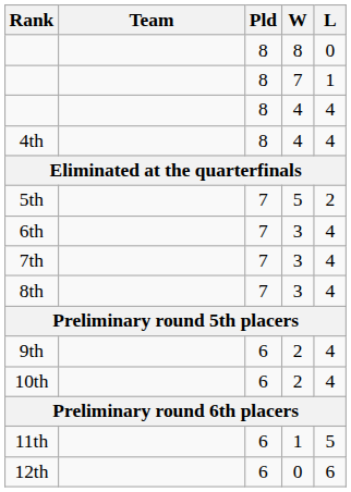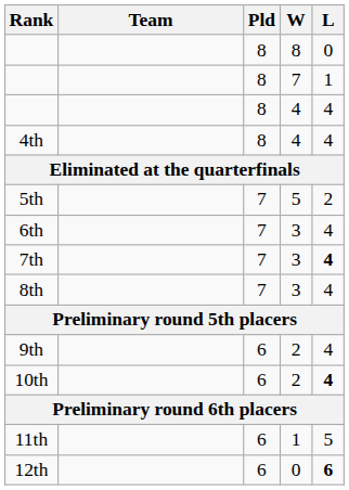 <table class=wikitable>
 <tr>
 <th>Rank</th>
 <th width=150px>Team</th>
 <th width=20px>Pld</th>
 <th width=20px>W</th>
 <th width=20px>L</th>
 </tr>
 <tr align=center>
 <td></td>
 <td align=left></td>
 <td>8</td>
 <td>8</td>
 <td>0</td>
 </tr>
 <tr align=center>
 <td></td>
 <td align=left></td>
 <td>8</td>
 <td>7</td>
 <td>1</td>
 </tr>
 <tr align=center>
 <td></td>
 <td align=left></td>
 <td>8</td>
 <td>4</td>
 <td>4</td>
 </tr>
 <tr align=center>
 <td>4th</td>
 <td align=left></td>
 <td>8</td>
 <td>4</td>
 <td>4</td>
 </tr>
 <tr>
 <th colspan=5>Eliminated at the quarterfinals</th>
 </tr>
 <tr align=center>
 <td>5th</td>
 <td align=left></td>
 <td>7</td>
 <td>5</td>
 <td>2</td>
 </tr>
 <tr align=center>
 <td>6th</td>
 <td align=left></td>
 <td>7</td>
 <td>3</td>
 <td>4</td>
 </tr>
 <tr align=center>
 <td>7th</td>
 <td align=left></td>
 <td>7</td>
 <td>3</td>
-<td>4</td>
+<td><strong>4</strong></td>
 </tr>
 <tr align=center>
 <td>8th</td>
 <td align=left></td>
 <td>7</td>
 <td>3</td>
 <td>4</td>
 </tr>
 <tr>
 <th colspan=5>Preliminary round 5th placers</th>
 </tr>
 <tr align=center>
 <td>9th</td>
 <td align=left></td>
 <td>6</td>
 <td>2</td>
 <td>4</td>
 </tr>
 <tr align=center>
 <td>10th</td>
 <td align=left></td>
 <td>6</td>
 <td>2</td>
-<td>4</td>
+<td><strong>4</strong></td>
 </tr>
 <tr>
 <th colspan=5>Preliminary round 6th placers</th>
 </tr>
 <tr align=center>
 <td>11th</td>
 <td align=left></td>
 <td>6</td>
 <td>1</td>
 <td>5</td>
 </tr>
 <tr align=center>
 <td>12th</td>
 <td align=left></td>
 <td>6</td>
 <td>0</td>
-<td>6</td>
+<td><strong>6</strong></td>
 </tr>
 </table>
